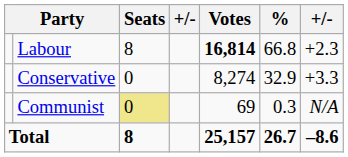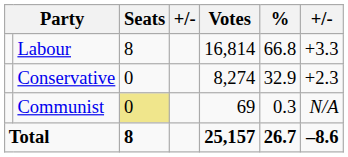 <table class="wikitable sortable">
 <tr>
 <th colspan="2">Party</th>
 <th>Seats</th>
 <th>+/-</th>
 <th>Votes</th>
 <th>%</th>
 <th>+/-</th>
 </tr>
 <tr>
 <td style="background-color: "></td>
 <td><a href='#'>Labour</a></td>
 <td>8</td>
 <td></td>
-<td style="text-align:right;"><strong>16,814</strong></td>
+<td style="text-align:right;">16,814</td>
 <td style="text-align:right;">66.8</td>
-<td style="text-align:right;">+2.3</td>
+<td style="text-align:right;">+3.3</td>
 </tr>
 <tr>
 <td style="background-color: "></td>
 <td><a href='#'>Conservative</a></td>
 <td>0</td>
 <td></td>
 <td style="text-align:right;">8,274</td>
 <td style="text-align:right;">32.9</td>
-<td style="text-align:right;">+3.3</td>
+<td style="text-align:right;">+2.3</td>
 </tr>
 <tr>
 <td style="background-color: "></td>
 <td><a href='#'>Communist</a></td>
 <td style="background: khaki;">0</td>
 <td></td>
 <td style="text-align:right;">69</td>
 <td style="text-align:right;">0.3</td>
 <td style="text-align:right;"><em>N/A</em></td>
 </tr>
 <tr>
 <td colspan="2"><strong>Total</strong></td>
 <td><strong>8</strong></td>
 <td></td>
 <td style="text-align:right;"><strong>25,157</strong></td>
 <td style="text-align:right;"><strong>26.7</strong></td>
 <td style="text-align:right;"><strong>–8.6</strong></td>
 </tr>
 </table>
